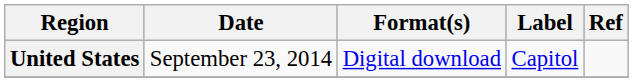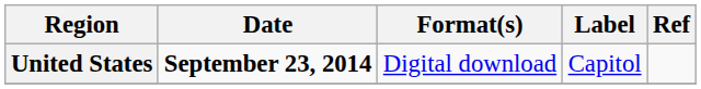 <table class="wikitable plainrowheaders">
 <tr>
 <th scope="col">Region</th>
 <th scope="col">Date</th>
 <th scope="col">Format(s)</th>
 <th scope="col">Label</th>
 <th scope="col">Ref</th>
 </tr>
 <tr>
 <th scope="row">United States</th>
-<td>September 23, 2014</td>
+<td><strong>September 23, 2014</strong></td>
 <td><a href='#'>Digital download</a></td>
 <td><a href='#'>Capitol</a></td>
 <td></td>
 </tr>
 <tr>
 </tr>
 </table>
